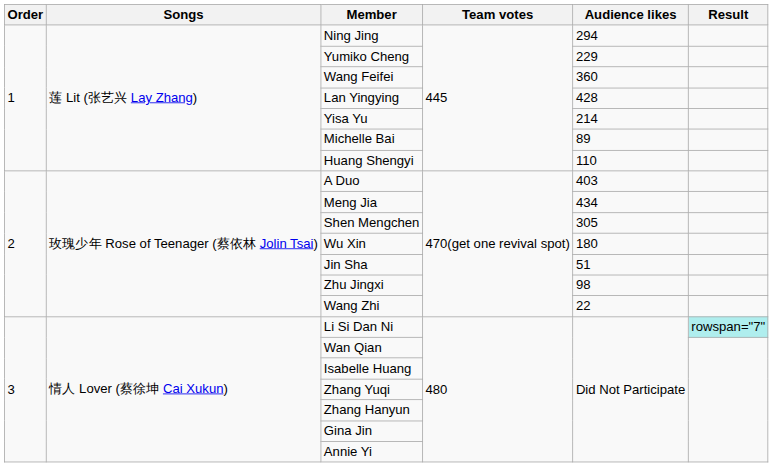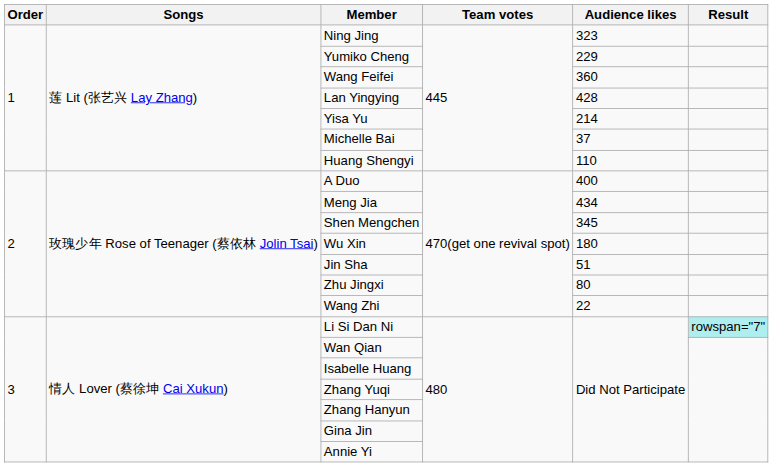 <table class="wikitable">
 <tr>
 <th>Order</th>
 <th>Songs</th>
 <th>Member</th>
 <th>Team votes</th>
 <th>Audience likes</th>
 <th>Result</th>
 </tr>
 <tr>
 <td rowspan="7">1</td>
 <td rowspan="7">莲 Lit (张艺兴 <a href='#'>Lay Zhang</a>)</td>
 <td>Ning Jing</td>
 <td rowspan="7">445</td>
-<td>294</td>
+<td>323</td>
 <td></td>
 </tr>
 <tr>
 <td>Yumiko Cheng</td>
 <td>229</td>
 <td></td>
 </tr>
 <tr>
 <td>Wang Feifei</td>
 <td>360</td>
 <td></td>
 </tr>
 <tr>
 <td>Lan Yingying</td>
 <td>428</td>
 <td></td>
 </tr>
 <tr>
 <td>Yisa Yu</td>
 <td>214</td>
 <td></td>
 </tr>
 <tr>
 <td>Michelle Bai</td>
-<td>89</td>
+<td>37</td>
 <td></td>
 </tr>
 <tr>
 <td>Huang Shengyi</td>
 <td>110</td>
 <td></td>
 </tr>
 <tr>
 <td rowspan="7">2</td>
 <td rowspan="7">玫瑰少年 Rose of Teenager (蔡依林 <a href='#'>Jolin Tsai</a>)</td>
 <td>A Duo</td>
 <td rowspan="7">470(get one revival spot)</td>
-<td>403</td>
+<td>400</td>
 <td></td>
 </tr>
 <tr>
 <td>Meng Jia</td>
 <td>434</td>
 <td></td>
 </tr>
 <tr>
 <td>Shen Mengchen</td>
-<td>305</td>
+<td>345</td>
 <td></td>
 </tr>
 <tr>
 <td>Wu Xin</td>
 <td>180</td>
 <td></td>
 </tr>
 <tr>
 <td>Jin Sha</td>
 <td>51</td>
 <td></td>
 </tr>
 <tr>
 <td>Zhu Jingxi</td>
-<td>98</td>
+<td>80</td>
 <td></td>
 </tr>
 <tr>
 <td>Wang Zhi</td>
 <td>22</td>
 <td></td>
 </tr>
 <tr>
 <td rowspan="7">3</td>
 <td rowspan="7">情人 Lover (蔡徐坤 <a href='#'>Cai Xukun</a>)</td>
 <td>Li Si Dan Ni</td>
 <td rowspan="7">480</td>
 <td rowspan="7">Did Not Participate</td>
 <td style="background: paleturquoise;">rowspan="7" </td>
 </tr>
 <tr>
 <td>Wan Qian</td>
 </tr>
 <tr>
 <td>Isabelle Huang</td>
 </tr>
 <tr>
 <td>Zhang Yuqi</td>
 </tr>
 <tr>
 <td>Zhang Hanyun</td>
 </tr>
 <tr>
 <td>Gina Jin</td>
 </tr>
 <tr>
 <td>Annie Yi</td>
 </tr>
 </table>
